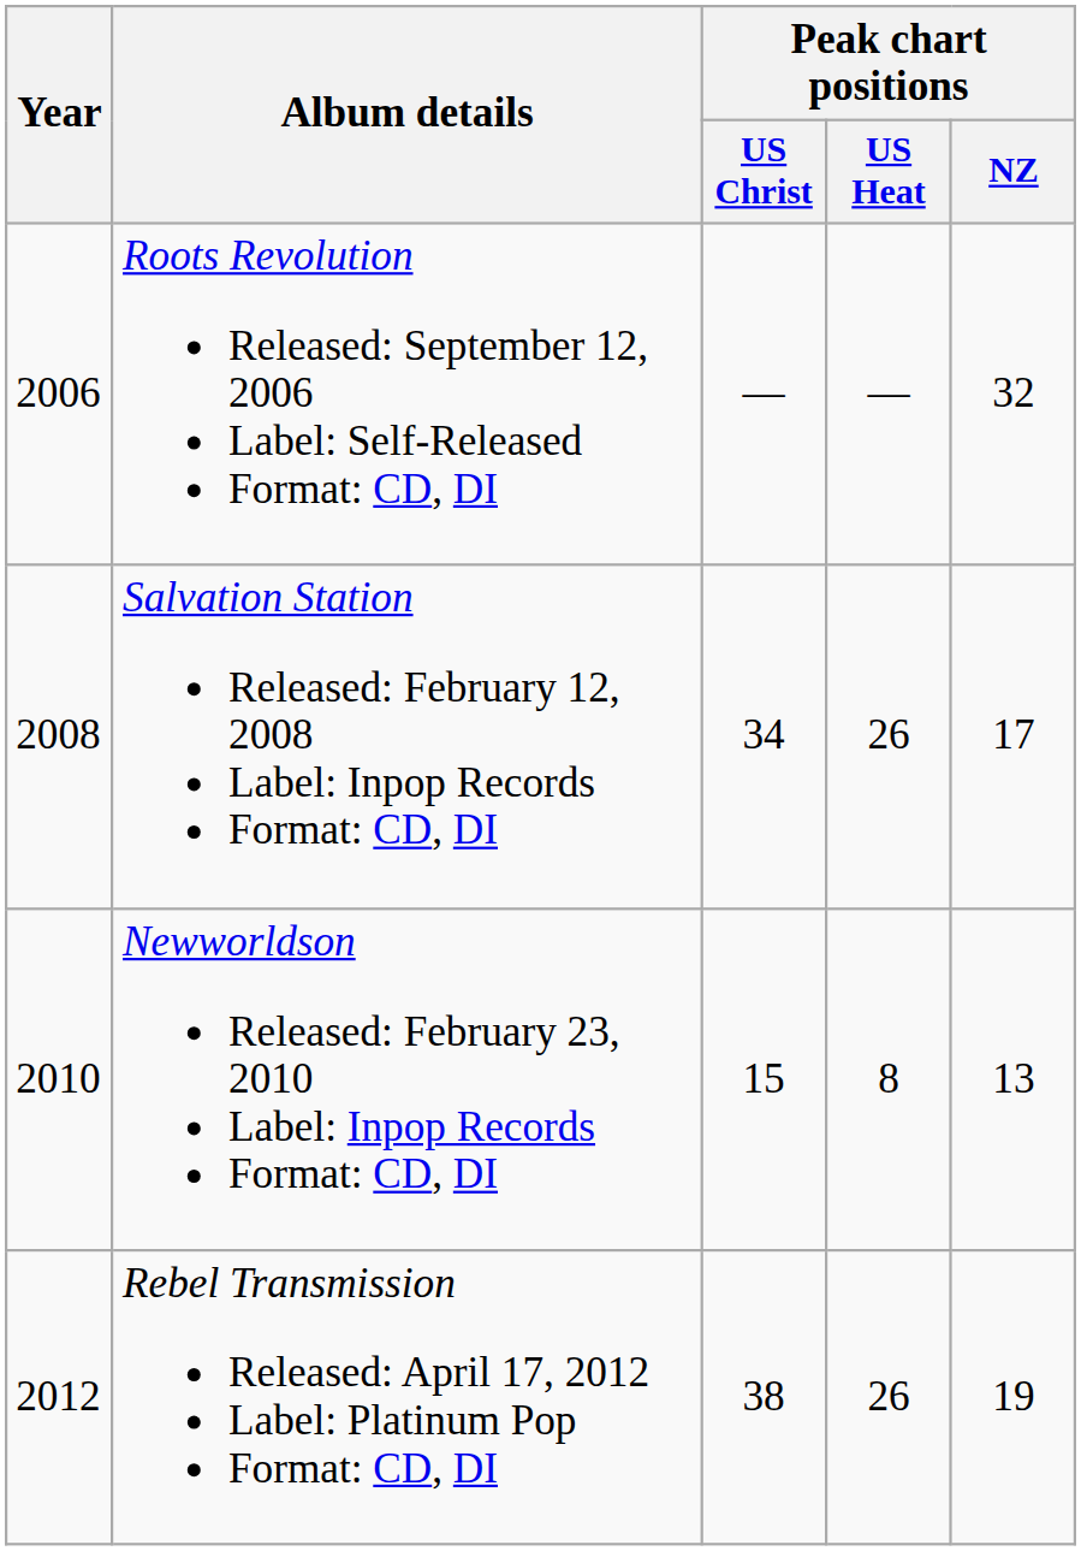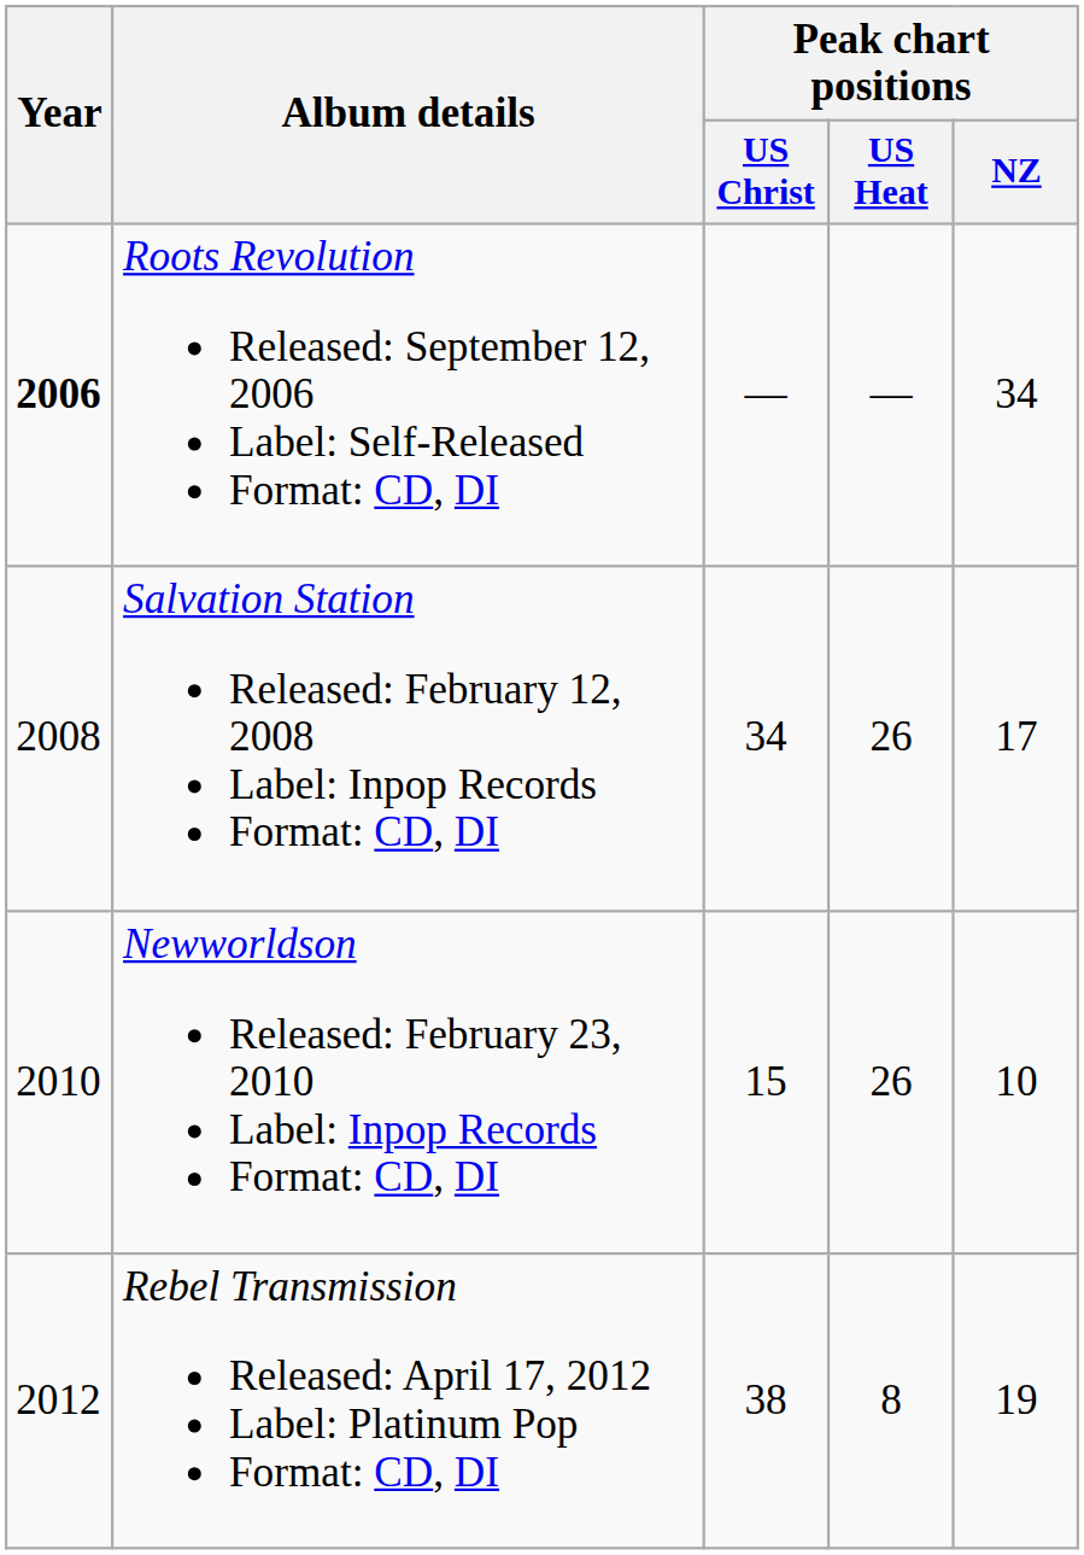 <table class="wikitable">
 <tr>
 <th rowspan="2" width="33">Year</th>
 <th rowspan="2" width="215">Album details</th>
 <th colspan="3">Peak chart positions</th>
 </tr>
 <tr>
 <th scope="col" style="width:3em;font-size:85%;"><a href='#'>US<br> Christ</a><br></th>
 <th scope="col" style="width:3em;font-size:85%;"><a href='#'>US Heat</a><br></th>
 <th scope="col" style="width:3em;font-size:85%;"><a href='#'>NZ</a><br></th>
 </tr>
 <tr>
-<td>2006</td>
+<td><strong>2006</strong></td>
 <td><em><a href='#'>Roots Revolution</a></em><br><ul><li>Released: September 12, 2006</li><li>Label: Self-Released</li><li>Format: <a href='#'>CD</a>, <a href='#'>DI</a></li></ul></td>
 <td align="center">—</td>
 <td align="center">—</td>
-<td align="center">32</td>
+<td align="center">34</td>
 </tr>
 <tr>
 <td>2008</td>
 <td><em><a href='#'>Salvation Station</a></em><br><ul><li>Released: February 12, 2008</li><li>Label: Inpop Records</li><li>Format: <a href='#'>CD</a>, <a href='#'>DI</a></li></ul></td>
 <td align="center">34</td>
 <td align="center">26</td>
 <td align="center">17</td>
 </tr>
 <tr>
 <td>2010</td>
 <td><em><a href='#'>Newworldson</a></em><br><ul><li>Released: February 23, 2010</li><li>Label: <a href='#'>Inpop Records</a></li><li>Format: <a href='#'>CD</a>, <a href='#'>DI</a></li></ul></td>
 <td align="center">15</td>
-<td align="center">8</td>
-<td align="center">13</td>
+<td align="center">26</td>
+<td align="center">10</td>
 </tr>
 <tr>
 <td>2012</td>
 <td><em>Rebel Transmission</em><br><ul><li>Released: April 17, 2012</li><li>Label: Platinum Pop</li><li>Format: <a href='#'>CD</a>, <a href='#'>DI</a></li></ul></td>
 <td align="center">38</td>
-<td align="center">26</td>
+<td align="center">8</td>
 <td align="center">19</td>
 </tr>
 </table>
